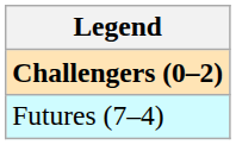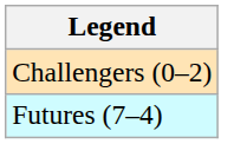 <table class="wikitable">
 <tr>
 <th>Legend</th>
 </tr>
 <tr bgcolor="moccasin">
-<td><strong>Challengers (0–2)</strong></td>
+<td>Challengers (0–2)</td>
 </tr>
 <tr bgcolor="CFFCFF">
 <td>Futures (7–4)</td>
 </tr>
 </table>
